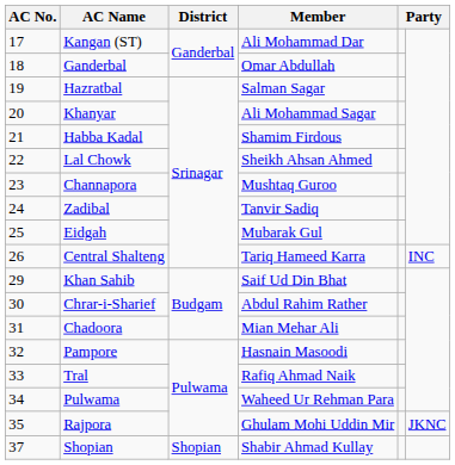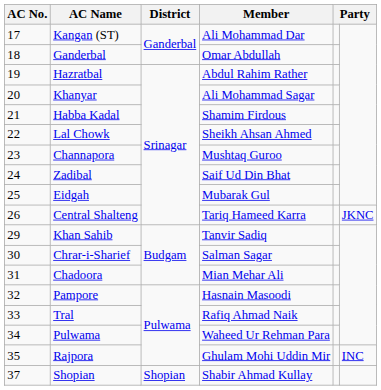 <table class="wikitable sortable">
 <tr>
 <th>AC No.</th>
 <th>AC Name</th>
 <th>District</th>
 <th>Member</th>
 <th colspan="2">Party</th>
 </tr>
 <tr>
 <td>17</td>
 <td><a href='#'>Kangan</a> (ST)</td>
 <td rowspan=2><a href='#'>Ganderbal</a></td>
 <td><a href='#'>Ali Mohammad Dar</a></td>
 <td></td>
 </tr>
 <tr>
 <td>18</td>
 <td><a href='#'>Ganderbal</a></td>
 <td><a href='#'>Omar Abdullah</a></td>
 <td></td>
 </tr>
 <tr>
 <td>19</td>
 <td><a href='#'>Hazratbal</a></td>
 <td rowspan=8><a href='#'>Srinagar</a></td>
-<td><a href='#'>Salman Sagar</a></td>
+<td><a href='#'>Abdul Rahim Rather</a></td>
 <td></td>
 </tr>
 <tr>
 <td>20</td>
 <td><a href='#'>Khanyar</a></td>
 <td><a href='#'>Ali Mohammad Sagar</a></td>
 <td></td>
 </tr>
 <tr>
 <td>21</td>
 <td><a href='#'>Habba Kadal</a></td>
 <td><a href='#'>Shamim Firdous</a></td>
 <td></td>
 </tr>
 <tr>
 <td>22</td>
 <td><a href='#'>Lal Chowk</a></td>
 <td><a href='#'>Sheikh Ahsan Ahmed</a></td>
 <td></td>
 </tr>
 <tr>
 <td>23</td>
 <td><a href='#'>Channapora</a></td>
 <td><a href='#'>Mushtaq Guroo</a></td>
 <td></td>
 </tr>
 <tr>
 <td>24</td>
 <td><a href='#'>Zadibal</a></td>
-<td><a href='#'>Tanvir Sadiq</a></td>
+<td><a href='#'>Saif Ud Din Bhat</a></td>
 <td></td>
 </tr>
 <tr>
 <td>25</td>
 <td><a href='#'>Eidgah</a></td>
 <td><a href='#'>Mubarak Gul</a></td>
 <td></td>
 </tr>
 <tr>
 <td>26</td>
 <td><a href='#'>Central Shalteng</a></td>
 <td><a href='#'>Tariq Hameed Karra</a></td>
 <td style="background-color: "></td>
-<td><a href='#'>INC</a></td>
+<td><a href='#'>JKNC</a></td>
 </tr>
 <tr>
 <td>29</td>
 <td><a href='#'>Khan Sahib</a></td>
 <td rowspan=3><a href='#'>Budgam</a></td>
-<td><a href='#'>Saif Ud Din Bhat</a></td>
+<td><a href='#'>Tanvir Sadiq</a></td>
 <td></td>
 </tr>
 <tr>
 <td>30</td>
 <td><a href='#'>Chrar-i-Sharief</a></td>
-<td><a href='#'>Abdul Rahim Rather</a></td>
+<td><a href='#'>Salman Sagar</a></td>
 <td></td>
 </tr>
 <tr>
 <td>31</td>
 <td><a href='#'>Chadoora</a></td>
 <td><a href='#'>Mian Mehar Ali</a></td>
 <td></td>
 </tr>
 <tr>
 <td>32</td>
 <td><a href='#'>Pampore</a></td>
 <td rowspan=4><a href='#'>Pulwama</a></td>
 <td><a href='#'>Hasnain Masoodi</a></td>
 <td></td>
 </tr>
 <tr>
 <td>33</td>
 <td><a href='#'>Tral</a></td>
 <td><a href='#'>Rafiq Ahmad Naik</a></td>
 <td></td>
 </tr>
 <tr>
 <td>34</td>
 <td><a href='#'>Pulwama</a></td>
 <td><a href='#'>Waheed Ur Rehman Para</a></td>
 <td></td>
 </tr>
 <tr>
 <td>35</td>
 <td><a href='#'>Rajpora</a></td>
 <td><a href='#'>Ghulam Mohi Uddin Mir</a></td>
 <td style="background-color: "></td>
-<td><a href='#'>JKNC</a></td>
+<td><a href='#'>INC</a></td>
 </tr>
 <tr>
 <td>37</td>
 <td><a href='#'>Shopian</a></td>
 <td><a href='#'>Shopian</a></td>
 <td><a href='#'>Shabir Ahmad Kullay</a></td>
 <td></td>
 </tr>
 </table>
